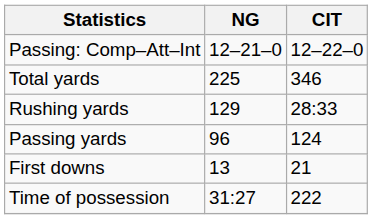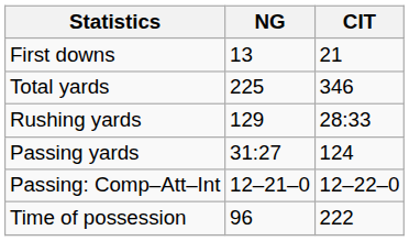 <table class="wikitable" style="float: left;">
 <tr>
 <th>Statistics</th>
 <th>NG</th>
 <th>CIT</th>
 </tr>
 <tr>
-<td>Passing: Comp–Att–Int</td>
-<td>12–21–0</td>
-<td>12–22–0</td>
+<td>First downs</td>
+<td>13</td>
+<td>21</td>
 </tr>
 <tr>
 <td>Total yards</td>
 <td>225</td>
 <td>346</td>
 </tr>
 <tr>
 <td>Rushing yards</td>
 <td>129</td>
 <td>28:33</td>
 </tr>
 <tr>
 <td>Passing yards</td>
-<td>96</td>
+<td>31:27</td>
 <td>124</td>
 </tr>
 <tr>
-<td>First downs</td>
-<td>13</td>
-<td>21</td>
+<td>Passing: Comp–Att–Int</td>
+<td>12–21–0</td>
+<td>12–22–0</td>
 </tr>
 <tr>
 <td>Time of possession</td>
-<td>31:27</td>
+<td>96</td>
 <td>222</td>
 </tr>
 <tr>
 </tr>
 </table>
